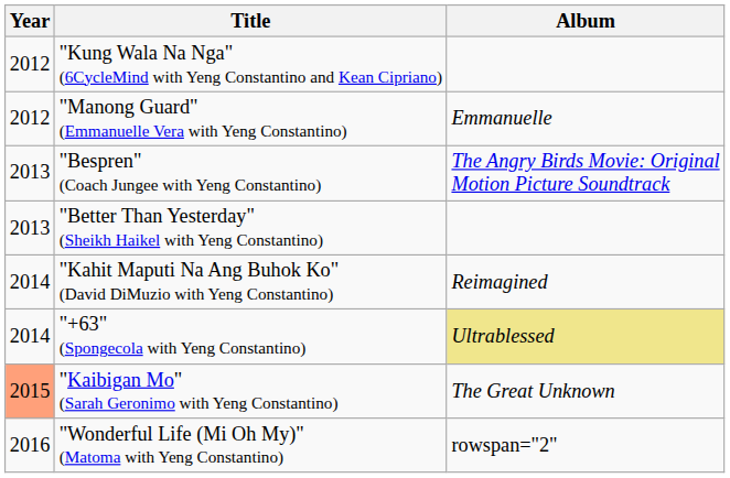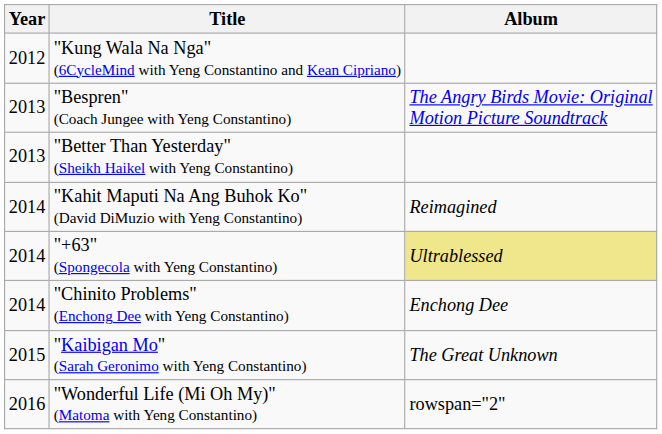 <table class="wikitable plainrowheaders">
 <tr>
 <th>Year</th>
 <th>Title</th>
 <th>Album</th>
 </tr>
 <tr>
 <td rowspan="1">2012</td>
 <td>"Kung Wala Na Nga" <br><small>(<a href='#'>6CycleMind</a> with Yeng Constantino and <a href='#'>Kean Cipriano</a>) </small></td>
 <td></td>
-</tr>
-<tr>
-<td rowspan="1">2012</td>
-<td>"Manong Guard" <br><small>(<a href='#'>Emmanuelle Vera</a> with Yeng Constantino) </small></td>
-<td><em>Emmanuelle</em></td>
 </tr>
 <tr>
 <td rowspan="1">2013</td>
 <td>"Bespren" <br><small>(Coach Jungee with Yeng Constantino) </small></td>
 <td><em> <a href='#'>The Angry Birds Movie: Original <br> Motion Picture Soundtrack</a></em></td>
 </tr>
 <tr>
 <td rowspan="1">2013</td>
 <td>"Better Than Yesterday" <br><small>(<a href='#'>Sheikh Haikel</a> with Yeng Constantino) </small></td>
 </tr>
 <tr>
 <td rowspan="1">2014</td>
 <td>"Kahit Maputi Na Ang Buhok Ko" <br><small>(David DiMuzio with Yeng Constantino)</small></td>
 <td><em>Reimagined</em></td>
 </tr>
 <tr>
 <td rowspan="1">2014</td>
 <td>"+63" <br><small>(<a href='#'>Spongecola</a> with Yeng Constantino)</small></td>
 <td style="background: khaki;"><em>Ultrablessed</em></td>
 </tr>
 <tr>
-<td rowspan="1" style="background: lightsalmon;">2015</td>
+<td rowspan="1">2014</td>
+<td>"Chinito Problems" <br><small>(<a href='#'>Enchong Dee</a> with Yeng Constantino) </small></td>
+<td><em> Enchong Dee</em></td>
+</tr>
+<tr>
+<td rowspan="1">2015</td>
 <td>"<a href='#'>Kaibigan Mo</a>" <br><small>(<a href='#'>Sarah Geronimo</a> with Yeng Constantino) </small></td>
 <td><em> The Great Unknown</em></td>
 </tr>
 <tr>
 <td rowspan="1">2016</td>
 <td>"Wonderful Life (Mi Oh My)" <br><small>(<a href='#'>Matoma</a> with Yeng Constantino) </small></td>
 <td>rowspan="2" </td>
 </tr>
 </table>
